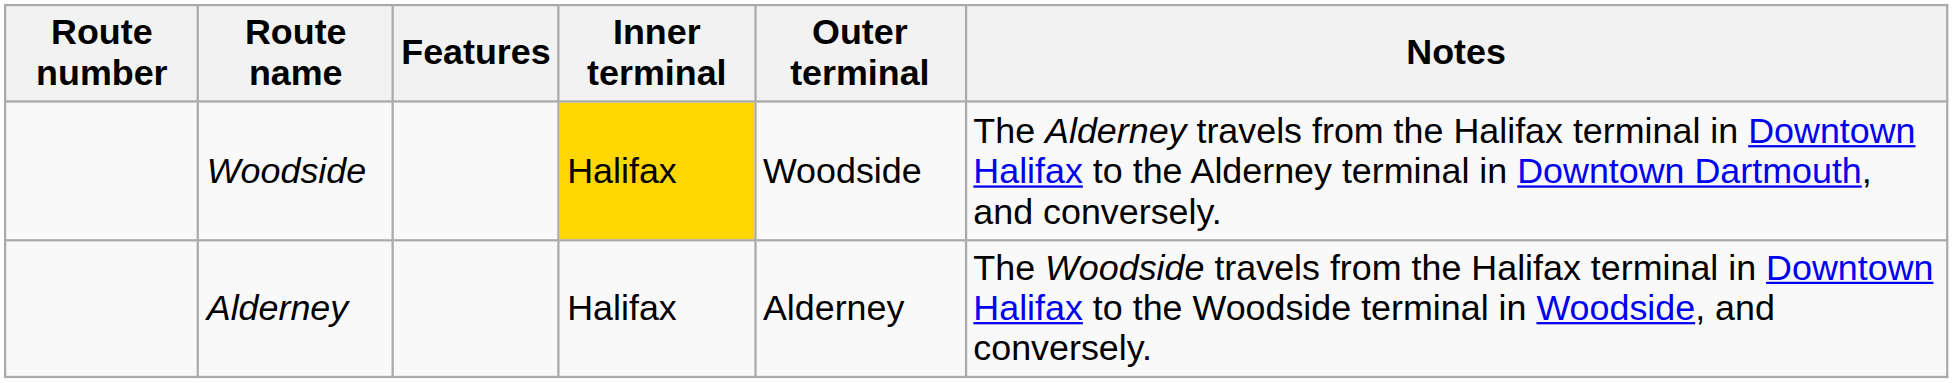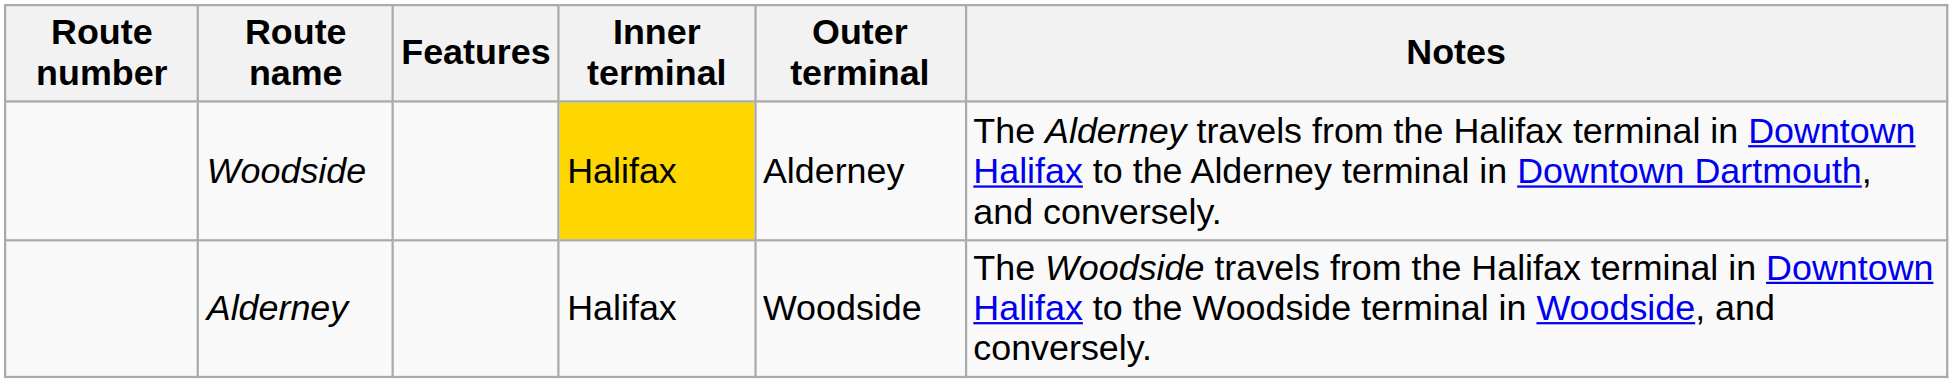 <table class="wikitable sortable">
 <tr>
 <th>Route number</th>
 <th>Route name</th>
 <th>Features</th>
 <th>Inner terminal</th>
 <th>Outer terminal</th>
 <th>Notes</th>
 </tr>
 <tr>
 <td></td>
 <td><em>Woodside</em></td>
 <td> </td>
 <td style="background: gold;">Halifax</td>
-<td>Woodside</td>
+<td>Alderney</td>
 <td>The <em>Alderney</em> travels from the Halifax terminal in <a href='#'>Downtown Halifax</a> to the Alderney terminal in <a href='#'>Downtown Dartmouth</a>, and conversely.</td>
 </tr>
 <tr>
 <td></td>
 <td><em>Alderney</em></td>
 <td> </td>
 <td>Halifax</td>
-<td>Alderney</td>
+<td>Woodside</td>
 <td>The <em>Woodside</em> travels from the Halifax terminal in <a href='#'>Downtown Halifax</a> to the Woodside terminal in <a href='#'>Woodside</a>, and conversely.</td>
 </tr>
 </table>
